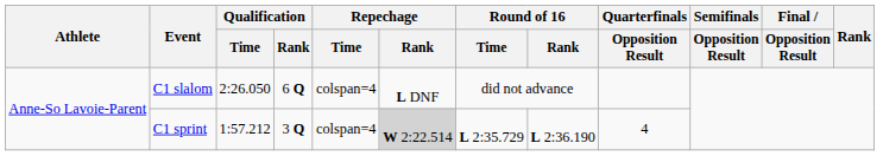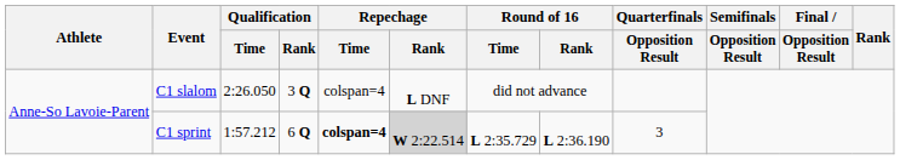 <table class="wikitable" style="font-size:90%;">
 <tr>
 <th rowspan=2>Athlete</th>
 <th rowspan=2>Event</th>
 <th colspan=2>Qualification</th>
 <th colspan=2>Repechage</th>
 <th colspan=2>Round of 16</th>
 <th>Quarterfinals</th>
 <th>Semifinals</th>
 <th>Final / </th>
 <th rowspan=2>Rank</th>
 </tr>
 <tr style="font-size:95%">
 <th>Time</th>
 <th>Rank</th>
 <th>Time</th>
 <th>Rank</th>
 <th>Time</th>
 <th>Rank</th>
 <th>Opposition <br>Result</th>
 <th>Opposition <br>Result</th>
 <th>Opposition <br>Result</th>
 </tr>
 <tr align=center>
 <td rowspan=2 align=left><a href='#'>Anne-So Lavoie-Parent</a></td>
 <td align=left><a href='#'>C1 slalom</a></td>
 <td>2:26.050</td>
-<td>6 <strong>Q</strong></td>
+<td>3 <strong>Q</strong></td>
 <td>colspan=4 </td>
 <td><br><strong>L</strong> DNF</td>
 <td colspan=2>did not advance</td>
 <td></td>
 </tr>
 <tr align=center>
 <td align=left><a href='#'>C1 sprint</a></td>
 <td>1:57.212</td>
-<td>3 <strong>Q</strong></td>
-<td>colspan=4 </td>
+<td>6 <strong>Q</strong></td>
+<td><strong>colspan=4 </strong></td>
 <td style="background: lightgrey;"><br><strong>W</strong> 2:22.514</td>
 <td><br><strong>L</strong> 2:35.729</td>
 <td><br><strong>L</strong> 2:36.190</td>
-<td>4</td>
+<td>3</td>
 </tr>
 </table>
